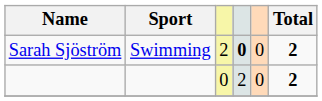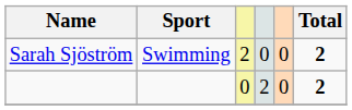 <table class=wikitable style=font-size:85%;text-align:center;float:right>
 <tr>
 <th>Name</th>
 <th>Sport</th>
 <td bgcolor=F7F6A8></td>
 <td bgcolor=DCE5E5></td>
 <td bgcolor=FFDAB9></td>
 <th>Total</th>
 </tr>
 <tr>
 <td><a href='#'>Sarah Sjöström</a></td>
 <td><a href='#'>Swimming</a></td>
 <td bgcolor=F7F6A8>2</td>
-<td bgcolor=DCE5E5><strong>0</strong></td>
+<td bgcolor=DCE5E5>0</td>
 <td bgcolor=FFDAB9>0</td>
 <td><strong>2</strong></td>
 </tr>
 <tr>
 <td></td>
 <td><a href='#'></a></td>
 <td bgcolor=F7F6A8>0</td>
 <td bgcolor=DCE5E5>2</td>
 <td bgcolor=FFDAB9>0</td>
 <td><strong>2</strong></td>
 </tr>
 <tr>
 </tr>
 </table>
